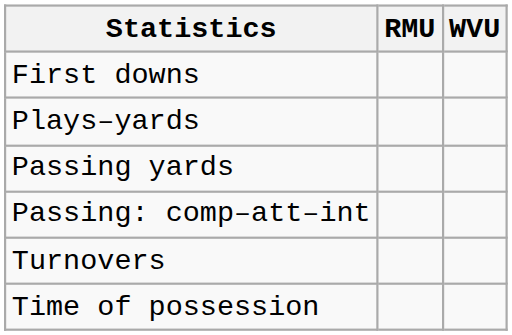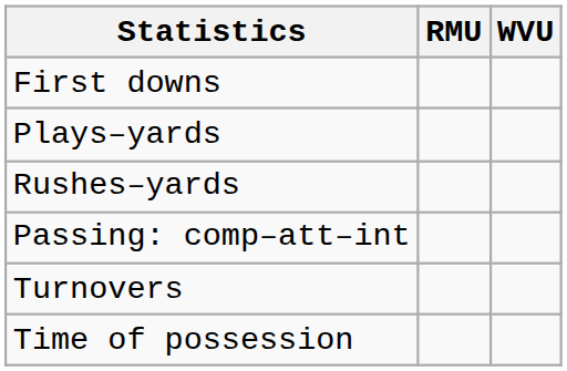 <table class="wikitable" style="float:left">
 <tr>
 <th>Statistics</th>
 <th>RMU</th>
 <th>WVU</th>
 </tr>
 <tr>
 <td>First downs</td>
 <td></td>
 <td></td>
 </tr>
 <tr>
 <td>Plays–yards</td>
 <td></td>
 <td></td>
 </tr>
 <tr>
-<td>Passing yards</td>
+<td>Rushes–yards</td>
 <td></td>
 <td></td>
 </tr>
 <tr>
 <td>Passing: comp–att–int</td>
 <td></td>
 <td></td>
 </tr>
 <tr>
 <td>Turnovers</td>
 <td></td>
 <td></td>
 </tr>
 <tr>
 <td>Time of possession</td>
 <td></td>
 <td></td>
 </tr>
 </table>
